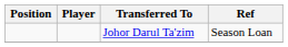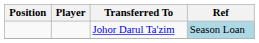 <table class="wikitable sortable" style="width:60%; font-size:100%; text-align:left;">
 <tr>
 <th>Position</th>
 <th>Player</th>
 <th>Transferred To</th>
 <th>Ref</th>
 </tr>
 <tr>
 <td></td>
 <td></td>
 <td> <a href='#'>Johor Darul Ta'zim</a></td>
-<td>Season Loan</td>
+<td style="background: lightblue;">Season Loan</td>
 </tr>
 <tr>
 </tr>
 </table>
